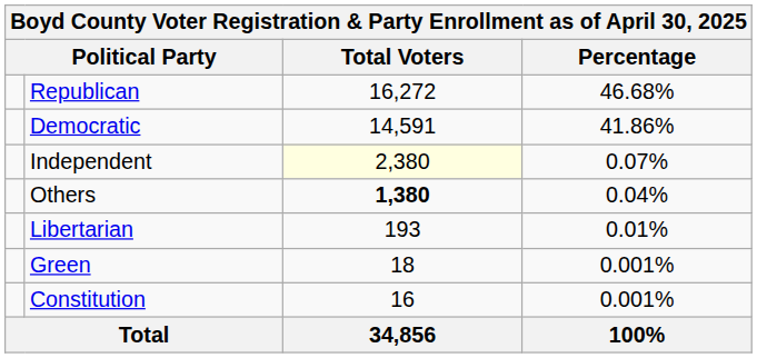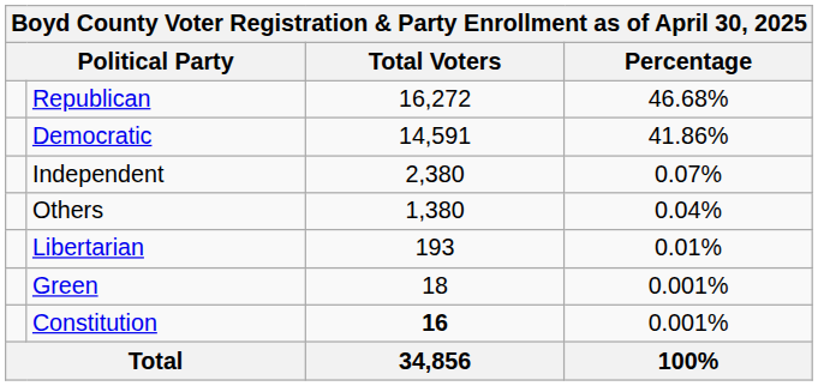 <table class=wikitable>
 <tr>
 <th colspan = 6>Boyd County Voter Registration & Party Enrollment as of April 30, 2025</th>
 </tr>
 <tr>
 <th colspan = 2>Political Party</th>
 <th>Total Voters</th>
 <th>Percentage</th>
 </tr>
 <tr>
 <td></td>
 <td><a href='#'>Republican</a></td>
 <td align = center>16,272</td>
 <td align = center>46.68%</td>
 </tr>
 <tr>
 <td></td>
 <td><a href='#'>Democratic</a></td>
 <td align = center>14,591</td>
 <td align = center>41.86%</td>
 </tr>
 <tr>
 <td></td>
 <td>Independent</td>
-<td align = center style="background: lightyellow;">2,380</td>
+<td align = center>2,380</td>
 <td align = center>0.07%</td>
 </tr>
 <tr>
 <td></td>
 <td>Others</td>
-<td align = center><strong>1,380</strong></td>
+<td align = center>1,380</td>
 <td align = center>0.04%</td>
 </tr>
 <tr>
 <td></td>
 <td><a href='#'>Libertarian</a></td>
 <td align = center>193</td>
 <td align = center>0.01%</td>
 </tr>
 <tr>
 <td></td>
 <td><a href='#'>Green</a></td>
 <td align = center>18</td>
 <td align = center>0.001%</td>
 </tr>
 <tr>
 <td></td>
 <td><a href='#'>Constitution</a></td>
-<td align = center>16</td>
+<td align = center><strong>16</strong></td>
 <td align = center>0.001%</td>
 </tr>
 <tr>
 <th colspan = 2>Total</th>
 <th align = center>34,856</th>
 <th align = center>100%</th>
 </tr>
 </table>
